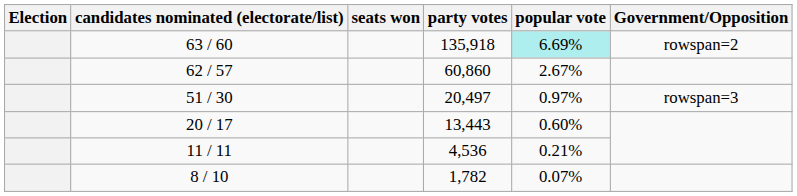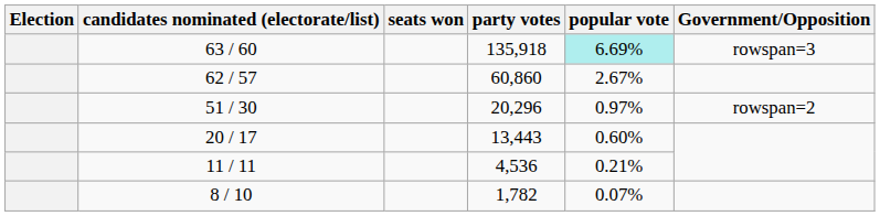 <table class=wikitable>
 <tr>
 <th>Election</th>
 <th>candidates nominated (electorate/list)</th>
 <th>seats won</th>
 <th>party votes</th>
 <th>popular vote</th>
 <th>Government/Opposition</th>
 </tr>
 <tr style="text-align:center">
 <th></th>
 <td>63 / 60</td>
 <td></td>
 <td>135,918</td>
 <td style="background: paleturquoise;">6.69%</td>
-<td>rowspan=2 </td>
+<td>rowspan=3 </td>
 </tr>
 <tr style="text-align:center">
 <th></th>
 <td>62 / 57</td>
 <td></td>
 <td>60,860</td>
 <td>2.67%</td>
 </tr>
 <tr style="text-align:center">
 <th></th>
 <td>51 / 30</td>
 <td></td>
-<td>20,497</td>
+<td>20,296</td>
 <td>0.97%</td>
-<td>rowspan=3 </td>
+<td>rowspan=2 </td>
 </tr>
 <tr style="text-align:center">
 <th></th>
 <td>20 / 17</td>
 <td></td>
 <td>13,443</td>
 <td>0.60%</td>
 </tr>
 <tr style="text-align:center">
 <th></th>
 <td>11 / 11</td>
 <td></td>
 <td>4,536</td>
 <td>0.21%</td>
 </tr>
 <tr style="text-align:center">
 <th></th>
 <td>8 / 10</td>
 <td></td>
 <td>1,782</td>
 <td>0.07%</td>
 <td></td>
 </tr>
 </table>
